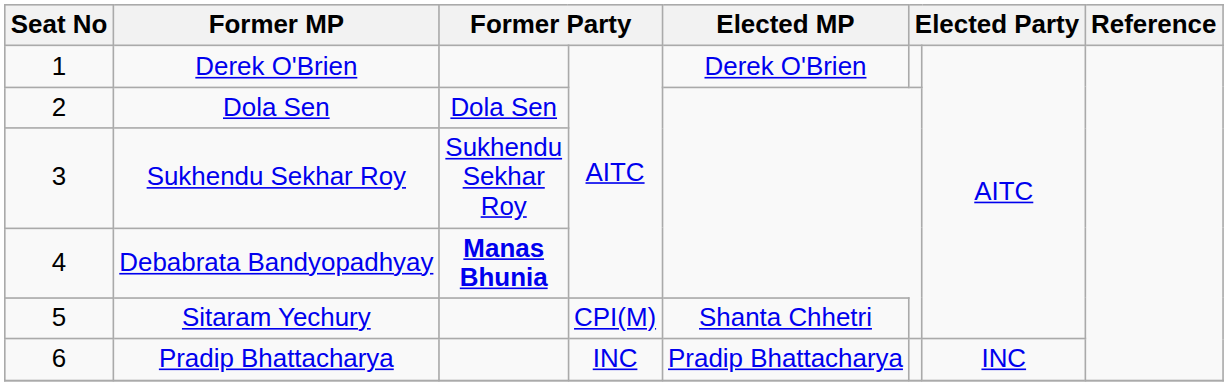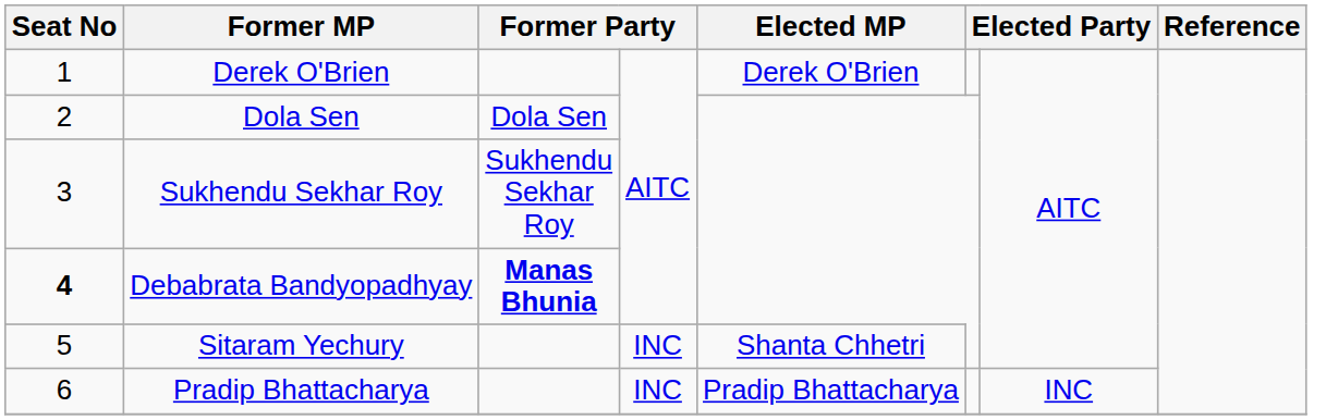 <table class="wikitable">
 <tr>
 <th>Seat No</th>
 <th>Former MP</th>
 <th colspan=2>Former Party</th>
 <th>Elected MP</th>
 <th colspan=2>Elected Party</th>
 <th>Reference</th>
 </tr>
 <tr style="text-align:center;">
 <td>1</td>
 <td><a href='#'>Derek O'Brien</a></td>
 <td width="1px"></td>
 <td rowspan=4><a href='#'>AITC</a></td>
 <td><a href='#'>Derek O'Brien</a></td>
 <td width="1px"></td>
 <td rowspan=5><a href='#'>AITC</a></td>
 <td rowspan=6></td>
 </tr>
 <tr style="text-align:center;">
 <td>2</td>
 <td><a href='#'>Dola Sen</a></td>
 <td><a href='#'>Dola Sen</a></td>
 </tr>
 <tr style="text-align:center;">
 <td>3</td>
 <td><a href='#'>Sukhendu Sekhar Roy</a></td>
 <td><a href='#'>Sukhendu Sekhar Roy</a></td>
 </tr>
 <tr style="text-align:center;">
-<td>4</td>
+<td><strong>4</strong></td>
 <td><a href='#'>Debabrata Bandyopadhyay</a></td>
 <td><strong><a href='#'>Manas Bhunia</a></strong></td>
 </tr>
 <tr style="text-align:center;">
 <td>5</td>
 <td><a href='#'>Sitaram Yechury</a></td>
 <td width="1px"></td>
-<td><a href='#'>CPI(M)</a></td>
+<td><a href='#'>INC</a></td>
 <td><a href='#'>Shanta Chhetri</a></td>
 </tr>
 <tr style="text-align:center;">
 <td>6</td>
 <td><a href='#'>Pradip Bhattacharya</a></td>
 <td width="1px"></td>
 <td><a href='#'>INC</a></td>
 <td><a href='#'>Pradip Bhattacharya</a></td>
 <td width="1px"></td>
 <td><a href='#'>INC</a></td>
 </tr>
 <tr>
 </tr>
 </table>
